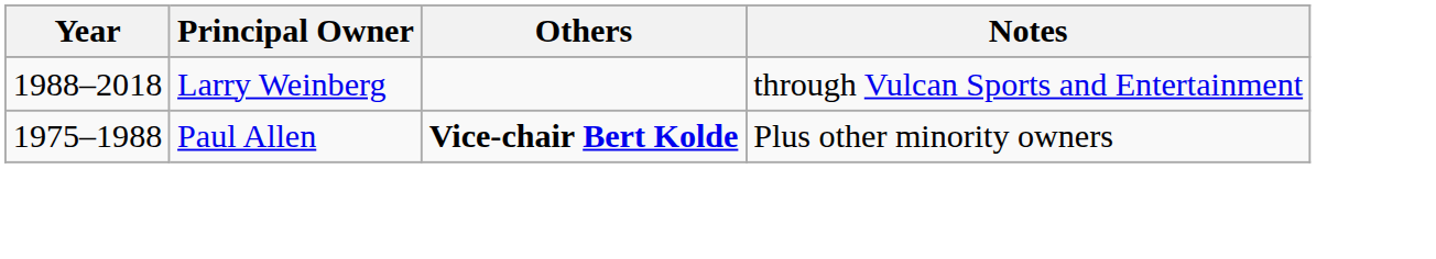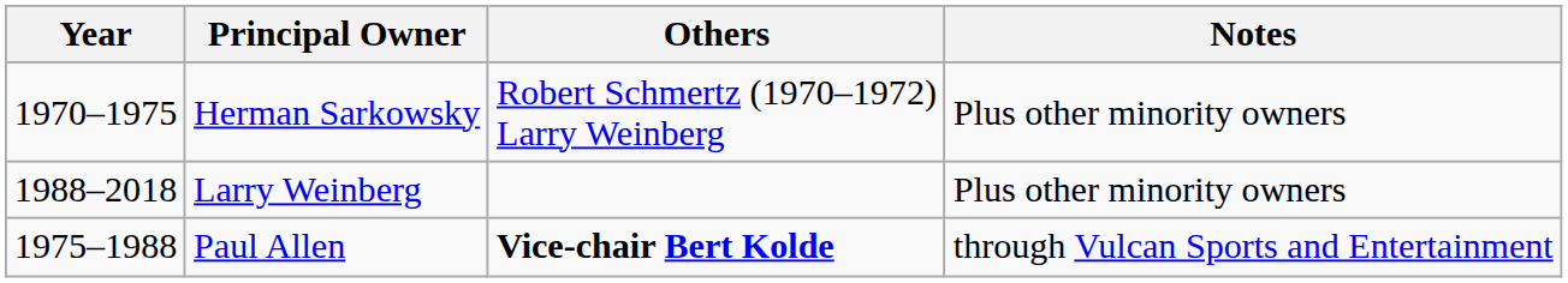 <table class="wikitable" border="1">
 <tr>
 <th>Year</th>
 <th>Principal Owner</th>
 <th>Others</th>
 <th>Notes</th>
 </tr>
 <tr>
+<td>1970–1975</td>
+<td><a href='#'>Herman Sarkowsky</a></td>
+<td><a href='#'>Robert Schmertz</a> (1970–1972)<br><a href='#'>Larry Weinberg</a></td>
+<td>Plus other minority owners</td>
+</tr>
+<tr>
 <td>1988–2018</td>
 <td><a href='#'>Larry Weinberg</a></td>
 <td></td>
-<td>through <a href='#'>Vulcan Sports and Entertainment</a></td>
+<td>Plus other minority owners</td>
 </tr>
 <tr>
 <td>1975–1988</td>
 <td><a href='#'>Paul Allen</a></td>
 <td><strong>Vice-chair <a href='#'>Bert Kolde</a></strong></td>
-<td>Plus other minority owners</td>
+<td>through <a href='#'>Vulcan Sports and Entertainment</a></td>
 </tr>
 </table>
